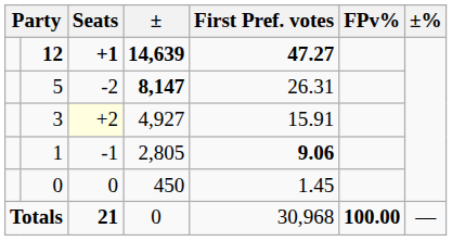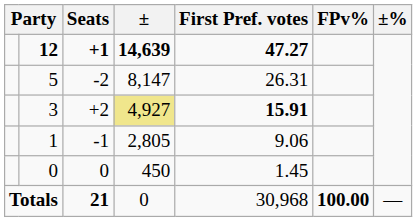 <table class=wikitable>
 <tr>
 <th colspan=2 align=center>Party</th>
 <th valign=top>Seats</th>
 <th valign=top>±</th>
 <th valign=top>First Pref. votes</th>
 <th valign=top>FPv%</th>
 <th valign=top>±%</th>
 </tr>
 <tr>
 <td></td>
 <td align=right><strong>12</strong></td>
 <td align=right><strong>+1</strong></td>
 <td align=right><strong>14,639</strong></td>
 <td align=right><strong>47.27</strong></td>
 <td align=right></td>
 </tr>
 <tr>
 <td></td>
 <td align=right>5</td>
 <td align=right>-2</td>
-<td align=right><strong>8,147</strong></td>
+<td align=right>8,147</td>
 <td align=right>26.31</td>
 <td align=right></td>
 </tr>
 <tr>
 <td></td>
 <td align=right>3</td>
-<td align=right style="background: lightyellow;">+2</td>
-<td align=right>4,927</td>
-<td align=right>15.91</td>
+<td align=right>+2</td>
+<td align=right style="background: khaki;">4,927</td>
+<td align=right><strong>15.91</strong></td>
 <td align=right></td>
 </tr>
 <tr>
 <td></td>
 <td align=right>1</td>
 <td align=right>-1</td>
 <td align=right>2,805</td>
-<td align=right><strong>9.06</strong></td>
+<td align=right>9.06</td>
 <td align=right></td>
 </tr>
 <tr>
 <td></td>
 <td align=right>0</td>
 <td align=right>0</td>
 <td align=right>450</td>
 <td align=right>1.45</td>
 <td align=right></td>
 </tr>
 <tr>
 <td colspan=2 align=center><strong>Totals</strong></td>
 <td align=right><strong>21</strong></td>
 <td align=center>0</td>
 <td align=right>30,968</td>
 <td align=center><strong>100.00</strong></td>
 <td align=center>—</td>
 </tr>
 </table>
